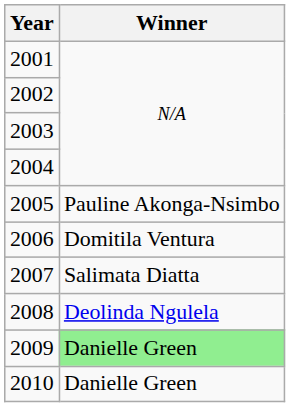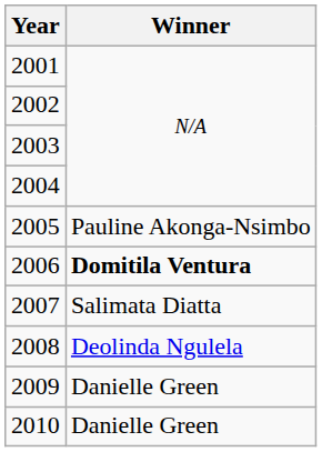 <table class=wikitable style="font-size:90%;">
 <tr>
 <th>Year</th>
 <th>Winner</th>
 </tr>
 <tr>
 <td>2001</td>
 <td colspan=1 rowspan=4 align=center><small> <em>N/A</em> </small></td>
 </tr>
 <tr>
 <td>2002</td>
 </tr>
 <tr>
 <td>2003</td>
 </tr>
 <tr>
 <td>2004</td>
 </tr>
 <tr>
 <td>2005</td>
 <td> Pauline Akonga-Nsimbo</td>
 </tr>
 <tr>
 <td>2006</td>
-<td> Domitila Ventura</td>
+<td><strong> Domitila Ventura</strong></td>
 </tr>
 <tr>
 <td>2007</td>
 <td> Salimata Diatta</td>
 </tr>
 <tr>
 <td>2008</td>
 <td> <a href='#'>Deolinda Ngulela</a></td>
 </tr>
 <tr>
 <td>2009</td>
-<td style="background: lightgreen;"> Danielle Green</td>
+<td> Danielle Green</td>
 </tr>
 <tr>
 <td>2010</td>
 <td> Danielle Green</td>
 </tr>
 </table>
